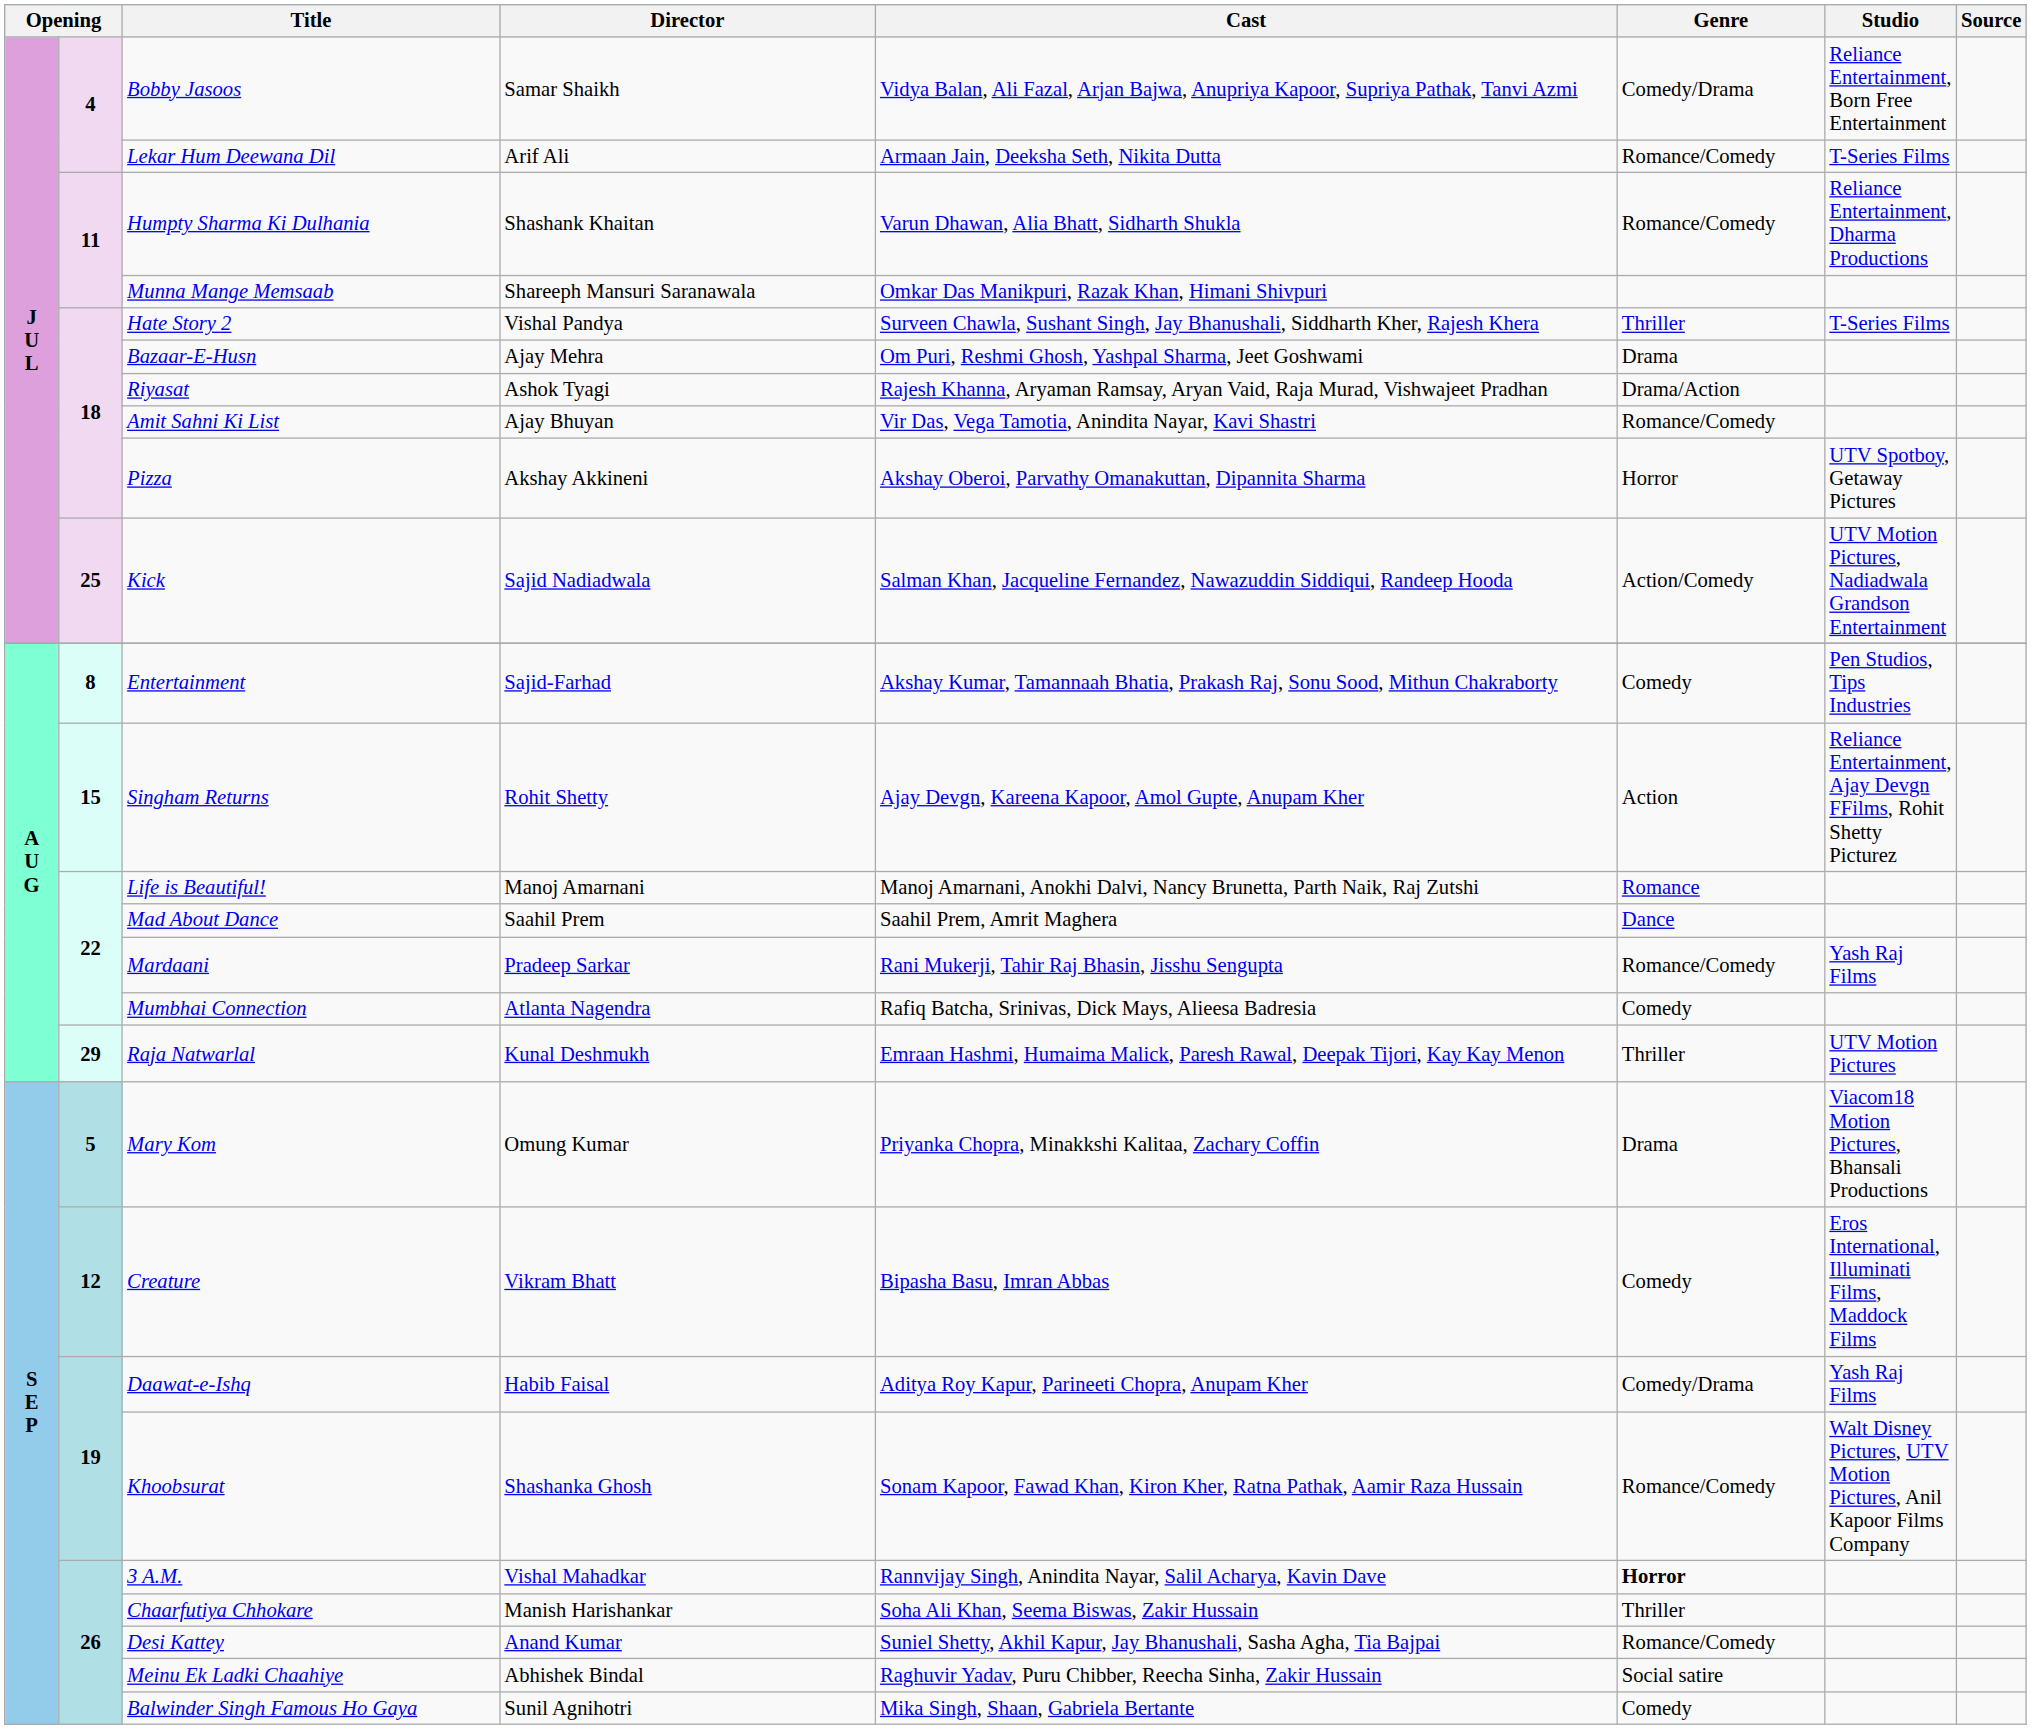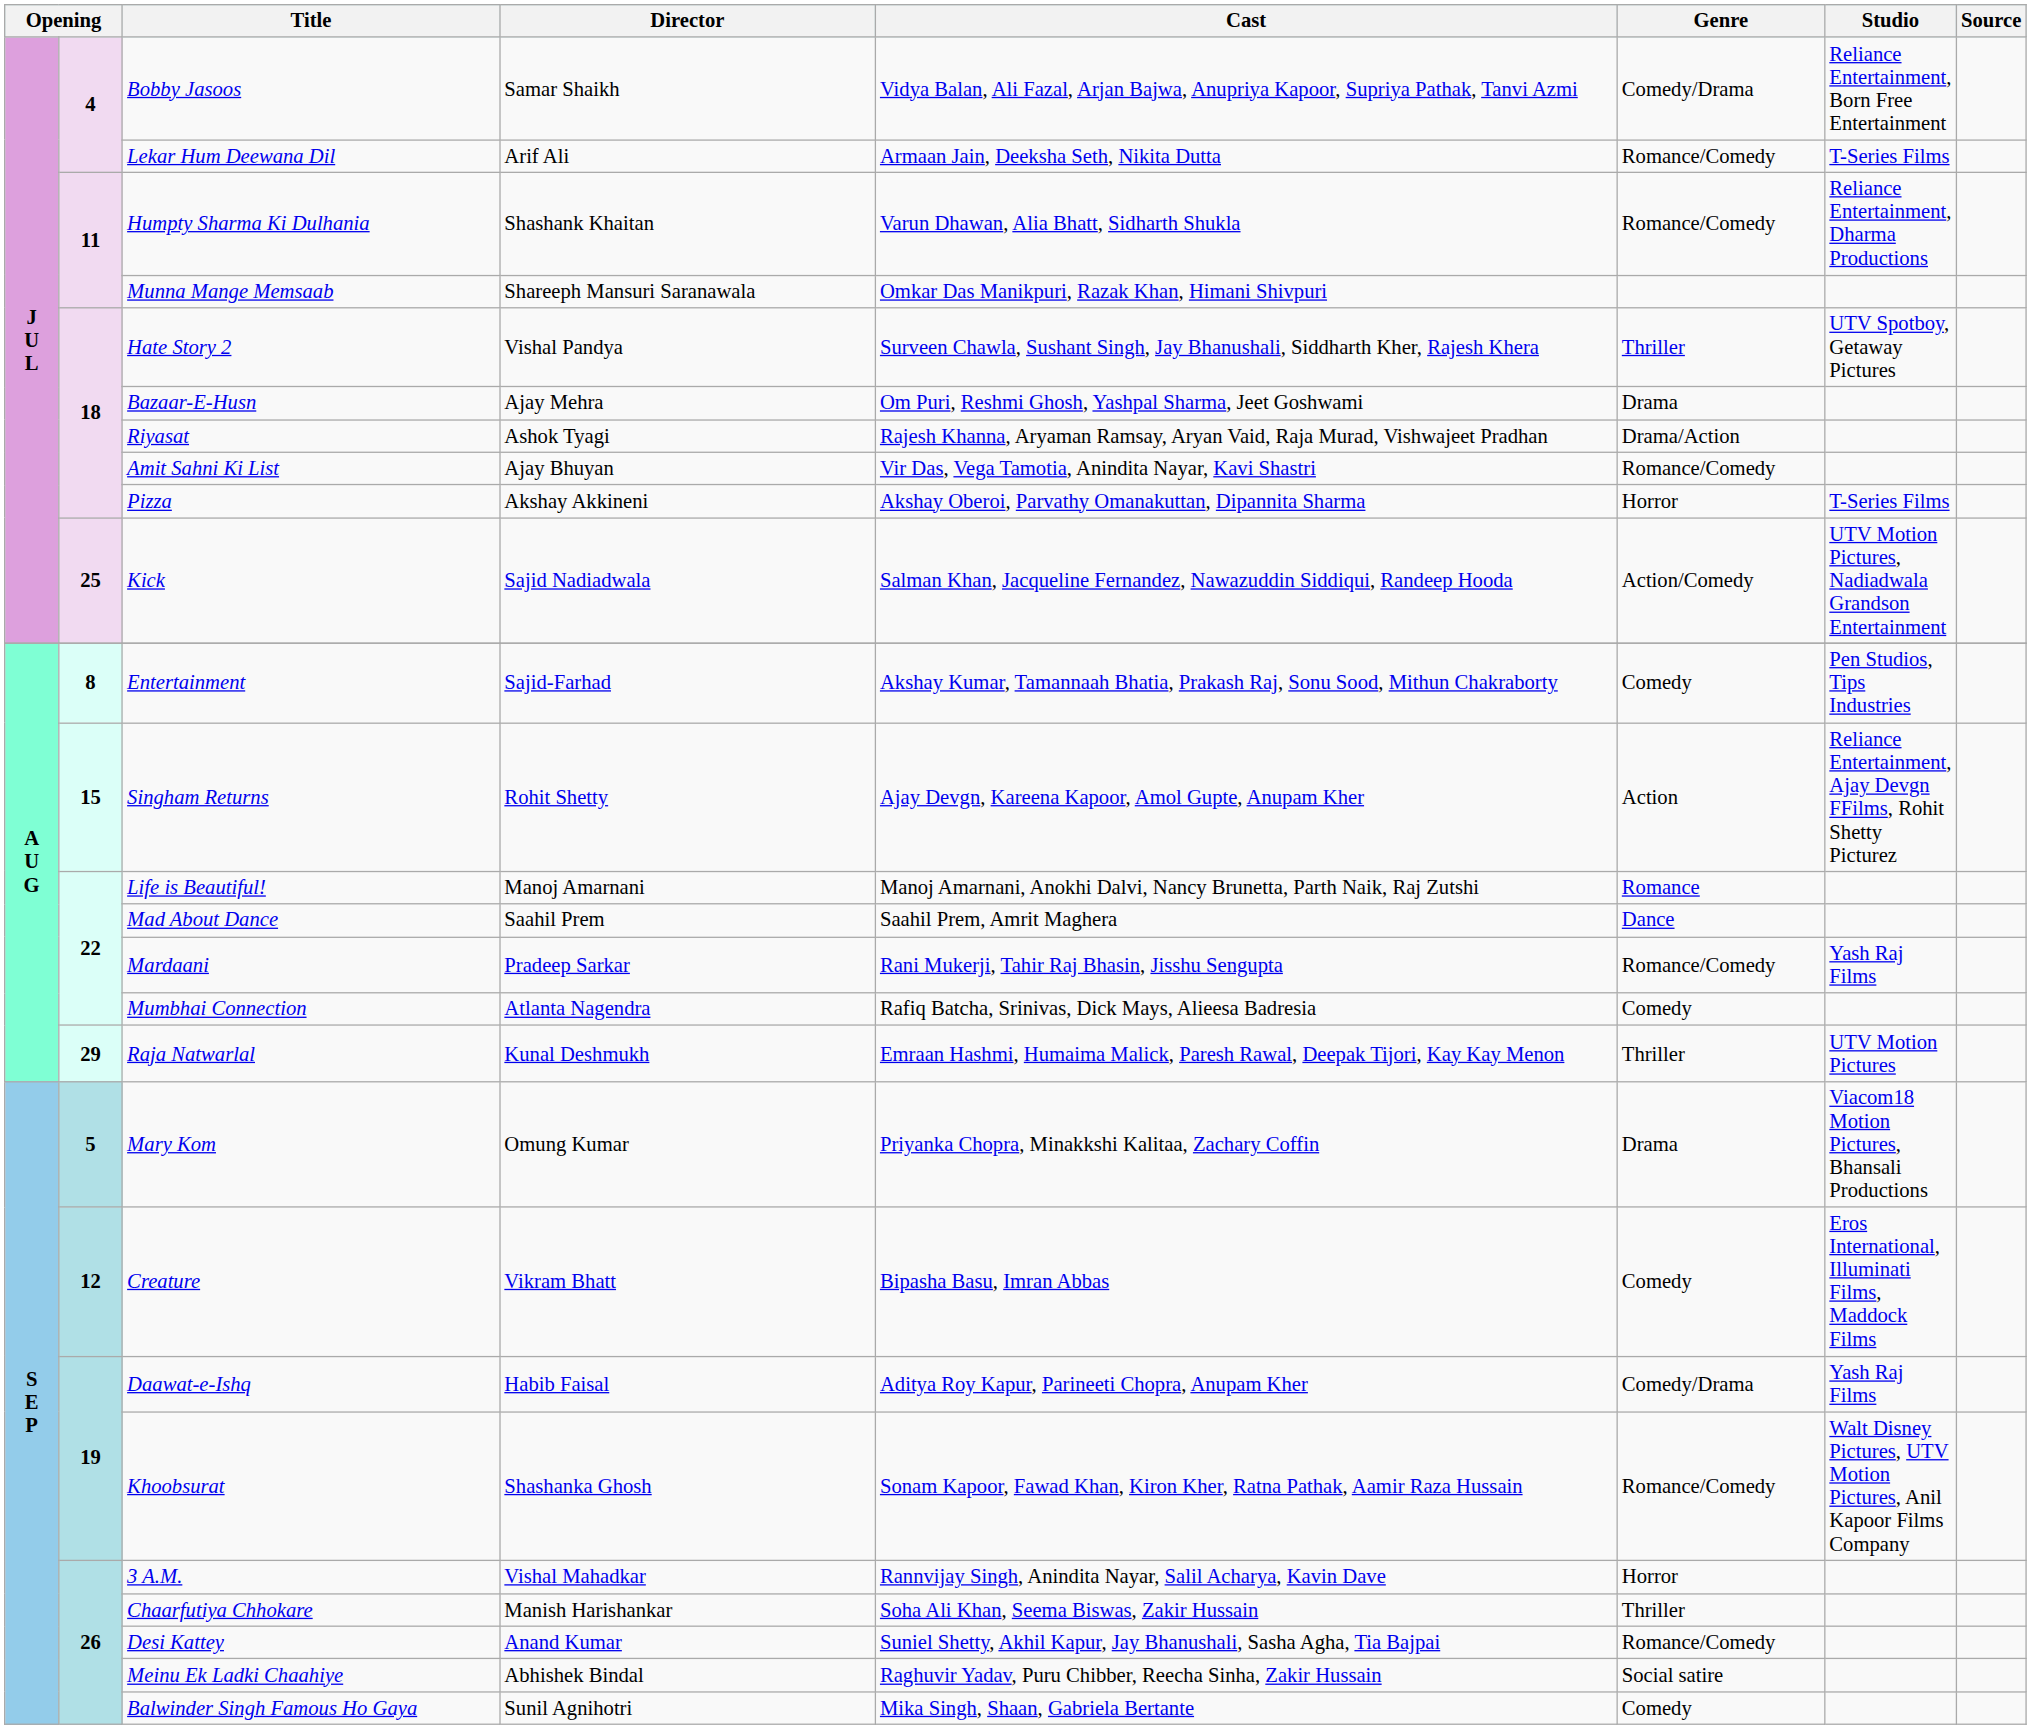 <table class="wikitable">
 <tr style="background:#b0e0e6; text-align:center;">
 <th colspan="2" style="width:6%;"><strong>Opening</strong></th>
 <th style="width:20%;"><strong>Title</strong></th>
 <th style="width:20%;"><strong>Director</strong></th>
 <th style="width:40%;"><strong>Cast</strong></th>
 <th style="width:10.5%;"><strong>Genre</strong></th>
 <th>Studio</th>
 <th>Source</th>
 </tr>
 <tr July>
 <td rowspan="10" style="text-align:center; background:plum; textcolor:#000;"><strong>J<br>U<br>L</strong></td>
 <td rowspan="2" style="text-align:center;background:#f1daf1;"><strong>4</strong></td>
 <td><em><a href='#'>Bobby Jasoos</a></em></td>
 <td>Samar Shaikh</td>
 <td><a href='#'>Vidya Balan</a>, <a href='#'>Ali Fazal</a>, <a href='#'>Arjan Bajwa</a>, <a href='#'>Anupriya Kapoor</a>, <a href='#'>Supriya Pathak</a>, <a href='#'>Tanvi Azmi</a></td>
 <td>Comedy/Drama</td>
 <td><a href='#'>Reliance Entertainment</a>, Born Free Entertainment</td>
 <td></td>
 </tr>
 <tr>
 <td><em><a href='#'>Lekar Hum Deewana Dil</a></em></td>
 <td>Arif Ali</td>
 <td><a href='#'>Armaan Jain</a>, <a href='#'>Deeksha Seth</a>, <a href='#'>Nikita Dutta</a></td>
 <td>Romance/Comedy</td>
 <td><a href='#'>T-Series Films</a></td>
 <td></td>
 </tr>
 <tr>
 <td rowspan="2" style="text-align:center;background:#f1daf1;"><strong>11</strong></td>
 <td><em><a href='#'>Humpty Sharma Ki Dulhania</a></em></td>
 <td>Shashank Khaitan</td>
 <td><a href='#'>Varun Dhawan</a>, <a href='#'>Alia Bhatt</a>, <a href='#'>Sidharth Shukla</a></td>
 <td>Romance/Comedy</td>
 <td><a href='#'>Reliance Entertainment</a>, <a href='#'>Dharma Productions</a></td>
 <td></td>
 </tr>
 <tr>
 <td><em><a href='#'>Munna Mange Memsaab</a></em></td>
 <td>Shareeph Mansuri Saranawala</td>
 <td><a href='#'>Omkar Das Manikpuri</a>, <a href='#'>Razak Khan</a>, <a href='#'>Himani Shivpuri</a></td>
 <td></td>
 <td></td>
 <td></td>
 </tr>
 <tr>
 <td rowspan="5" style="text-align:center;background:#f1daf1;"><strong>18</strong></td>
 <td><em><a href='#'>Hate Story 2</a></em></td>
 <td>Vishal Pandya</td>
 <td><a href='#'>Surveen Chawla</a>, <a href='#'>Sushant Singh</a>, <a href='#'>Jay Bhanushali</a>, Siddharth Kher, <a href='#'>Rajesh Khera</a></td>
 <td><a href='#'>Thriller</a></td>
-<td><a href='#'>T-Series Films</a></td>
+<td><a href='#'>UTV Spotboy</a>, Getaway Pictures</td>
 <td></td>
 </tr>
 <tr>
 <td><em><a href='#'>Bazaar-E-Husn</a></em></td>
 <td>Ajay Mehra</td>
 <td><a href='#'>Om Puri</a>, <a href='#'>Reshmi Ghosh</a>, <a href='#'>Yashpal Sharma</a>, Jeet Goshwami</td>
 <td>Drama</td>
 <td></td>
 <td></td>
 </tr>
 <tr>
 <td><em><a href='#'>Riyasat</a></em></td>
 <td>Ashok Tyagi</td>
 <td><a href='#'>Rajesh Khanna</a>, Aryaman Ramsay, Aryan Vaid, Raja Murad, Vishwajeet Pradhan</td>
 <td>Drama/Action</td>
 <td></td>
 <td></td>
 </tr>
 <tr>
 <td><em><a href='#'>Amit Sahni Ki List</a></em></td>
 <td>Ajay Bhuyan</td>
 <td><a href='#'>Vir Das</a>, <a href='#'>Vega Tamotia</a>, Anindita Nayar, <a href='#'>Kavi Shastri</a></td>
 <td>Romance/Comedy</td>
 <td></td>
 <td></td>
 </tr>
 <tr>
 <td><em><a href='#'>Pizza</a></em></td>
 <td>Akshay Akkineni</td>
 <td><a href='#'>Akshay Oberoi</a>, <a href='#'>Parvathy Omanakuttan</a>, <a href='#'>Dipannita Sharma</a></td>
 <td>Horror</td>
-<td><a href='#'>UTV Spotboy</a>, Getaway Pictures</td>
+<td><a href='#'>T-Series Films</a></td>
 <td></td>
 </tr>
 <tr>
 <td rowspan="1" style="text-align:center;background:#f1daf1;"><strong>25</strong></td>
 <td><em><a href='#'>Kick</a></em></td>
 <td><a href='#'>Sajid Nadiadwala</a></td>
 <td><a href='#'>Salman Khan</a>, <a href='#'>Jacqueline Fernandez</a>, <a href='#'>Nawazuddin Siddiqui</a>, <a href='#'>Randeep Hooda</a></td>
 <td>Action/Comedy</td>
 <td><a href='#'>UTV Motion Pictures</a>, <a href='#'>Nadiadwala Grandson Entertainment</a></td>
 <td></td>
 </tr>
 <tr>
 </tr>
 <tr August>
 <td rowspan="7" style="text-align:center; background:#7FFFD4; textcolor:#000;"><strong>A<br>U<br>G</strong></td>
 <td rowspan="1" style="text-align:center;background:#DBFFF8;"><strong>8</strong></td>
 <td><em><a href='#'>Entertainment</a></em></td>
 <td><a href='#'>Sajid-Farhad</a></td>
 <td><a href='#'>Akshay Kumar</a>, <a href='#'>Tamannaah Bhatia</a>, <a href='#'>Prakash Raj</a>, <a href='#'>Sonu Sood</a>, <a href='#'>Mithun Chakraborty</a></td>
 <td>Comedy</td>
 <td><a href='#'>Pen Studios</a>, <a href='#'>Tips Industries</a></td>
 <td></td>
 </tr>
 <tr>
 <td rowspan="1" style="text-align:center;background:#DBFFF8;"><strong>15</strong></td>
 <td><em><a href='#'>Singham Returns</a></em></td>
 <td><a href='#'>Rohit Shetty</a></td>
 <td><a href='#'>Ajay Devgn</a>, <a href='#'>Kareena Kapoor</a>, <a href='#'>Amol Gupte</a>, <a href='#'>Anupam Kher</a></td>
 <td>Action</td>
 <td><a href='#'>Reliance Entertainment</a>, <a href='#'>Ajay Devgn FFilms</a>, Rohit Shetty Picturez</td>
 <td></td>
 </tr>
 <tr>
 <td rowspan="4" style="text-align:center;background:#DBFFF8;"><strong>22</strong></td>
 <td><em><a href='#'>Life is Beautiful!</a></em></td>
 <td>Manoj Amarnani</td>
 <td>Manoj Amarnani, Anokhi Dalvi, Nancy Brunetta, Parth Naik, Raj Zutshi</td>
 <td><a href='#'>Romance</a></td>
 <td></td>
 <td></td>
 </tr>
 <tr>
 <td><em><a href='#'>Mad About Dance</a></em></td>
 <td>Saahil Prem</td>
 <td>Saahil Prem, Amrit Maghera</td>
 <td><a href='#'>Dance</a></td>
 <td></td>
 <td></td>
 </tr>
 <tr>
 <td><em><a href='#'>Mardaani</a></em></td>
 <td><a href='#'>Pradeep Sarkar</a></td>
 <td><a href='#'>Rani Mukerji</a>, <a href='#'>Tahir Raj Bhasin</a>, <a href='#'>Jisshu Sengupta</a></td>
 <td>Romance/Comedy</td>
 <td><a href='#'>Yash Raj Films</a></td>
 <td></td>
 </tr>
 <tr>
 <td><em><a href='#'>Mumbhai Connection</a></em></td>
 <td><a href='#'>Atlanta Nagendra</a></td>
 <td>Rafiq Batcha, Srinivas, Dick Mays, Alieesa Badresia</td>
 <td>Comedy</td>
 <td></td>
 <td></td>
 </tr>
 <tr>
 <td rowspan="1" style="text-align:center;background:#DBFFF8;"><strong>29</strong></td>
 <td><em><a href='#'>Raja Natwarlal</a></em></td>
 <td><a href='#'>Kunal Deshmukh</a></td>
 <td><a href='#'>Emraan Hashmi</a>, <a href='#'>Humaima Malick</a>, <a href='#'>Paresh Rawal</a>, <a href='#'>Deepak Tijori</a>, <a href='#'>Kay Kay Menon</a></td>
 <td>Thriller</td>
 <td><a href='#'>UTV Motion Pictures</a></td>
 <td></td>
 </tr>
 <tr September>
 <td rowspan="9" style="text-align:center; background:#93CCEA; textcolor:#000;"><strong>S<br>E<br>P</strong></td>
 <td rowspan="1" style="text-align:center;background:#B0E0E6;"><strong>5</strong></td>
 <td><em><a href='#'>Mary Kom</a></em></td>
 <td>Omung Kumar</td>
 <td><a href='#'>Priyanka Chopra</a>, Minakkshi Kalitaa, <a href='#'>Zachary Coffin</a></td>
 <td>Drama</td>
 <td><a href='#'>Viacom18 Motion Pictures</a>, Bhansali Productions</td>
 <td></td>
 </tr>
 <tr>
 <td style="text-align:center;background:#B0E0E6;"><strong>12</strong></td>
 <td><em><a href='#'>Creature</a></em></td>
 <td><a href='#'>Vikram Bhatt</a></td>
 <td><a href='#'>Bipasha Basu</a>, <a href='#'>Imran Abbas</a></td>
 <td>Comedy</td>
 <td><a href='#'>Eros International</a>, <a href='#'>Illuminati Films</a>, <a href='#'>Maddock Films</a></td>
 <td></td>
 </tr>
 <tr>
 <td rowspan="2" style="text-align:center;background:#B0E0E6;"><strong>19</strong></td>
 <td><em><a href='#'>Daawat-e-Ishq</a></em></td>
 <td><a href='#'>Habib Faisal</a></td>
 <td><a href='#'>Aditya Roy Kapur</a>, <a href='#'>Parineeti Chopra</a>, <a href='#'>Anupam Kher</a></td>
 <td>Comedy/Drama</td>
 <td><a href='#'>Yash Raj Films</a></td>
 <td></td>
 </tr>
 <tr>
 <td><em><a href='#'>Khoobsurat</a></em></td>
 <td><a href='#'>Shashanka Ghosh</a></td>
 <td><a href='#'>Sonam Kapoor</a>, <a href='#'>Fawad Khan</a>, <a href='#'>Kiron Kher</a>, <a href='#'>Ratna Pathak</a>, <a href='#'>Aamir Raza Hussain</a></td>
 <td>Romance/Comedy</td>
 <td><a href='#'>Walt Disney Pictures</a>, <a href='#'>UTV Motion Pictures</a>, Anil Kapoor Films Company</td>
 <td></td>
 </tr>
 <tr>
 <td rowspan="5" style="text-align:center;background:#B0E0E6;"><strong>26</strong></td>
 <td><em><a href='#'>3 A.M.</a></em></td>
 <td><a href='#'>Vishal Mahadkar</a></td>
 <td><a href='#'>Rannvijay Singh</a>, Anindita Nayar, <a href='#'>Salil Acharya</a>, <a href='#'>Kavin Dave</a></td>
-<td><strong>Horror</strong></td>
+<td>Horror</td>
 <td></td>
 <td></td>
 </tr>
 <tr>
 <td><em><a href='#'>Chaarfutiya Chhokare</a></em></td>
 <td>Manish Harishankar</td>
 <td><a href='#'>Soha Ali Khan</a>, <a href='#'>Seema Biswas</a>, <a href='#'>Zakir Hussain</a></td>
 <td>Thriller</td>
 <td></td>
 <td></td>
 </tr>
 <tr>
 <td><em><a href='#'>Desi Kattey</a></em></td>
 <td><a href='#'>Anand Kumar</a></td>
 <td><a href='#'>Suniel Shetty</a>, <a href='#'>Akhil Kapur</a>, <a href='#'>Jay Bhanushali</a>, Sasha Agha, <a href='#'>Tia Bajpai</a></td>
 <td>Romance/Comedy</td>
 <td></td>
 <td></td>
 </tr>
 <tr>
 <td><em><a href='#'>Meinu Ek Ladki Chaahiye</a></em></td>
 <td>Abhishek Bindal</td>
 <td><a href='#'>Raghuvir Yadav</a>,  Puru Chibber, Reecha Sinha, <a href='#'>Zakir Hussain</a></td>
 <td>Social satire</td>
 <td></td>
 <td></td>
 </tr>
 <tr>
 <td><em><a href='#'>Balwinder Singh Famous Ho Gaya</a></em></td>
 <td>Sunil Agnihotri</td>
 <td><a href='#'>Mika Singh</a>, <a href='#'>Shaan</a>, <a href='#'>Gabriela Bertante</a></td>
 <td>Comedy</td>
 <td></td>
 <td></td>
 </tr>
 </table>
